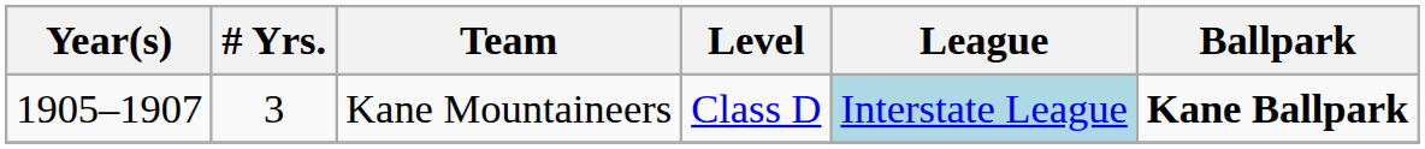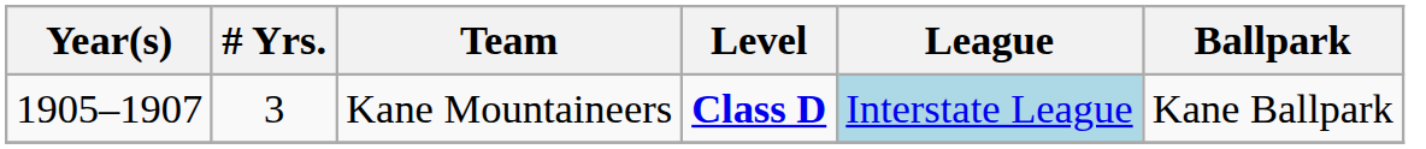 <table class="wikitable" style="text-align:center; font-size: 95%;">
 <tr>
 <th>Year(s)</th>
 <th># Yrs.</th>
 <th>Team</th>
 <th>Level</th>
 <th>League</th>
 <th>Ballpark</th>
 </tr>
 <tr>
 <td>1905–1907</td>
 <td>3</td>
 <td>Kane Mountaineers</td>
-<td><a href='#'>Class D</a></td>
+<td><strong><a href='#'>Class D</a></strong></td>
 <td style="background: lightblue;"><a href='#'>Interstate League</a></td>
-<td><strong>Kane Ballpark</strong></td>
+<td>Kane Ballpark</td>
 </tr>
 <tr>
 </tr>
 </table>
